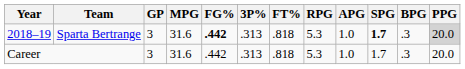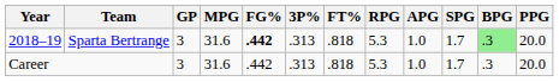 <table class="wikitable sortable">
 <tr>
 <th>Year</th>
 <th>Team</th>
 <th>GP</th>
 <th>MPG</th>
 <th>FG%</th>
 <th>3P%</th>
 <th>FT%</th>
 <th>RPG</th>
 <th>APG</th>
 <th>SPG</th>
 <th>BPG</th>
 <th>PPG</th>
 </tr>
 <tr>
 <td><a href='#'>2018–19</a></td>
 <td><a href='#'>Sparta Bertrange</a></td>
 <td>3</td>
 <td>31.6</td>
 <td><strong>.442</strong></td>
 <td>.313</td>
 <td>.818</td>
 <td>5.3</td>
 <td>1.0</td>
-<td><strong>1.7</strong></td>
-<td>.3</td>
-<td style="background: lightgrey;">20.0</td>
+<td>1.7</td>
+<td style="background: lightgreen;">.3</td>
+<td>20.0</td>
 </tr>
 <tr>
 <td colspan="2">Career</td>
 <td>3</td>
 <td>31.6</td>
 <td>.442</td>
 <td>.313</td>
 <td>.818</td>
 <td>5.3</td>
 <td>1.0</td>
 <td>1.7</td>
 <td>.3</td>
 <td>20.0</td>
 </tr>
 </table>
